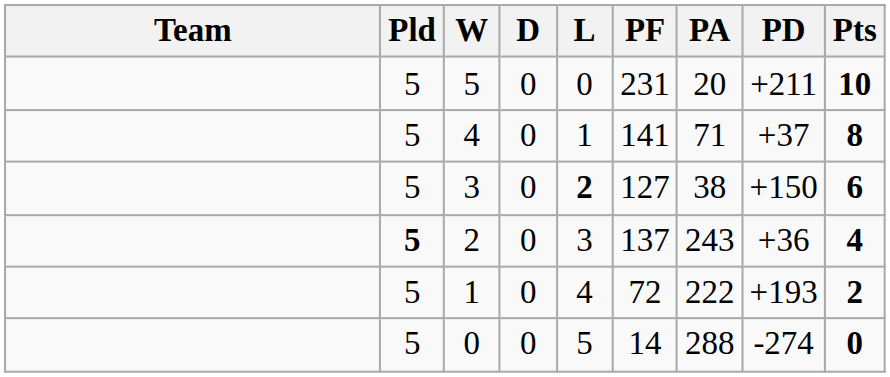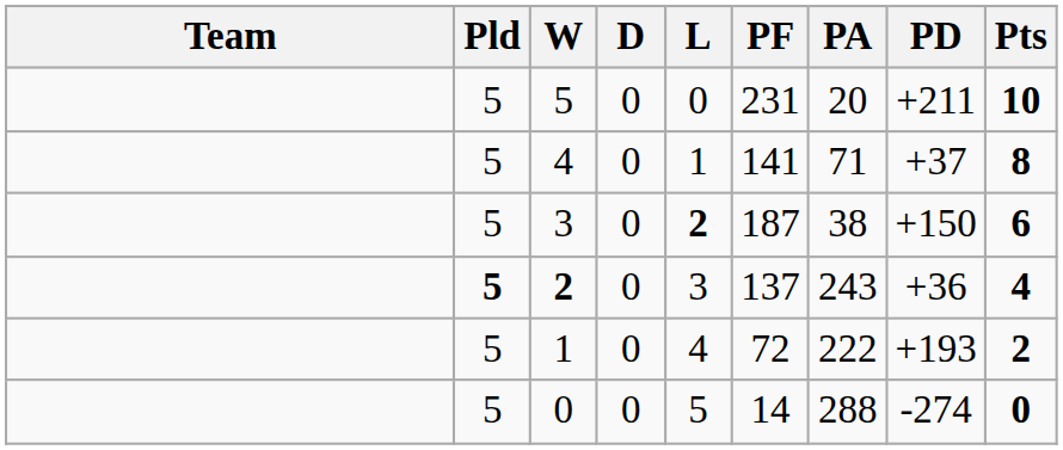 <table class="wikitable" style="text-align:center;">
 <tr>
 <th width=175>Team</th>
 <th width=20 abbr="Played">Pld</th>
 <th width=20 abbr="Won">W</th>
 <th width=20 abbr="Drawn">D</th>
 <th width=20 abbr="Lost">L</th>
 <th width=20 abbr="Points for">PF</th>
 <th width=20 abbr="Points against">PA</th>
 <th width=25 abbr="Points difference">PD</th>
 <th width=20 abbr="Points">Pts</th>
 </tr>
 <tr>
 <td align=left></td>
 <td>5</td>
 <td>5</td>
 <td>0</td>
 <td>0</td>
 <td>231</td>
 <td>20</td>
 <td>+211</td>
 <td><strong>10</strong></td>
 </tr>
 <tr>
 <td align=left></td>
 <td>5</td>
 <td>4</td>
 <td>0</td>
 <td>1</td>
 <td>141</td>
 <td>71</td>
 <td>+37</td>
 <td><strong>8</strong></td>
 </tr>
 <tr>
 <td align=left></td>
 <td>5</td>
 <td>3</td>
 <td>0</td>
 <td><strong>2</strong></td>
-<td>127</td>
+<td>187</td>
 <td>38</td>
 <td>+150</td>
 <td><strong>6</strong></td>
 </tr>
 <tr>
 <td align=left></td>
 <td><strong>5</strong></td>
-<td>2</td>
+<td><strong>2</strong></td>
 <td>0</td>
 <td>3</td>
 <td>137</td>
 <td>243</td>
 <td>+36</td>
 <td><strong>4</strong></td>
 </tr>
 <tr>
 <td align=left></td>
 <td>5</td>
 <td>1</td>
 <td>0</td>
 <td>4</td>
 <td>72</td>
 <td>222</td>
 <td>+193</td>
 <td><strong>2</strong></td>
 </tr>
 <tr>
 <td align=left></td>
 <td>5</td>
 <td>0</td>
 <td>0</td>
 <td>5</td>
 <td>14</td>
 <td>288</td>
 <td>-274</td>
 <td><strong>0</strong></td>
 </tr>
 </table>
